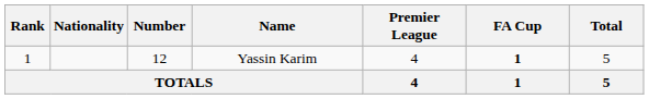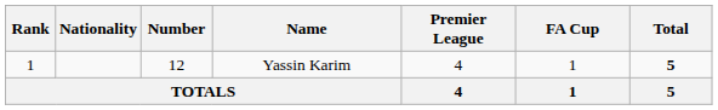 <table class="wikitable" style="font-size: 95%; text-align: center;">
 <tr>
 <th width=40>Rank</th>
 <th width=60>Nationality</th>
 <th width=60>Number</th>
 <th width=170>Name</th>
 <th width=100>Premier League</th>
 <th width=100>FA Cup</th>
 <th width=70>Total</th>
 </tr>
 <tr>
 <td rowspan="1">1</td>
 <td></td>
 <td>12</td>
 <td>Yassin Karim</td>
 <td>4</td>
-<td><strong>1</strong></td>
-<td>5</td>
+<td>1</td>
+<td><strong>5</strong></td>
 </tr>
 <tr>
 <th colspan="4">TOTALS</th>
 <th>4</th>
 <th>1</th>
 <th>5</th>
 </tr>
 </table>
